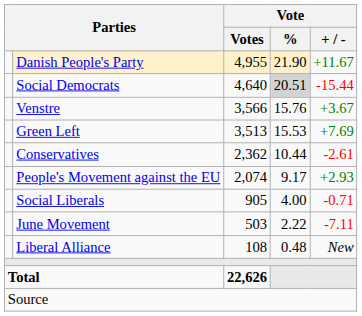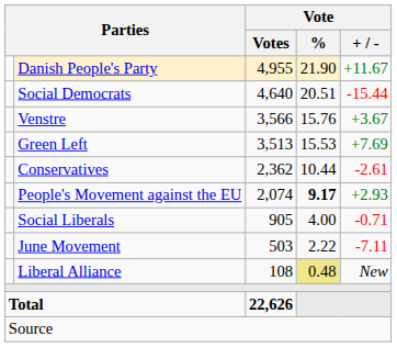 <table class="wikitable" style="text-align:right;">
 <tr>
 <th style="text-align:centre;" rowspan="2" colspan="2" width="225">Parties</th>
 <th colspan="3">Vote</th>
 </tr>
 <tr>
 <th width="15">Votes</th>
 <th width="15">%</th>
 <th width="15">+ / -</th>
 </tr>
 <tr>
 <td width="2" style="color:inherit;background:"></td>
 <td bgcolor=#fef2cc   align="left"><a href='#'>Danish People's Party</a></td>
 <td bgcolor=#fef2cc>4,955</td>
 <td bgcolor=#fef2cc>21.90</td>
 <td style=color:green;>+11.67</td>
 </tr>
 <tr>
 <td width="2" style="color:inherit;background:"></td>
 <td align="left"><a href='#'>Social Democrats</a></td>
 <td>4,640</td>
-<td style="background: lightgrey;">20.51</td>
+<td>20.51</td>
 <td style=color:red;>-15.44</td>
 </tr>
 <tr>
 <td width="2" style="color:inherit;background:"></td>
 <td align="left"><a href='#'>Venstre</a></td>
 <td>3,566</td>
 <td>15.76</td>
 <td style=color:green;>+3.67</td>
 </tr>
 <tr>
 <td width="2" style="color:inherit;background:"></td>
 <td align="left"><a href='#'>Green Left</a></td>
 <td>3,513</td>
 <td>15.53</td>
 <td style=color:green;>+7.69</td>
 </tr>
 <tr>
 <td width="2" style="color:inherit;background:"></td>
 <td align="left"><a href='#'>Conservatives</a></td>
 <td>2,362</td>
 <td>10.44</td>
 <td style=color:red;>-2.61</td>
 </tr>
 <tr>
 <td width="2" style="color:inherit;background:"></td>
 <td align="left"><a href='#'>People's Movement against the EU</a></td>
 <td>2,074</td>
-<td>9.17</td>
+<td><strong>9.17</strong></td>
 <td style=color:green;>+2.93</td>
 </tr>
 <tr>
 <td width="2" style="color:inherit;background:"></td>
 <td align="left"><a href='#'>Social Liberals</a></td>
 <td>905</td>
 <td>4.00</td>
 <td style=color:red;>-0.71</td>
 </tr>
 <tr>
 <td width="2" style="color:inherit;background:"></td>
 <td align="left"><a href='#'>June Movement</a></td>
 <td>503</td>
 <td>2.22</td>
 <td style=color:red;>-7.11</td>
 </tr>
 <tr>
 <td width="2" style="color:inherit;background:"></td>
 <td align="left"><a href='#'>Liberal Alliance</a></td>
 <td>108</td>
-<td>0.48</td>
+<td style="background: khaki;">0.48</td>
 <td><em>New</em></td>
 </tr>
 <tr>
 <td colspan="7" bgcolor="#E9E9E9"></td>
 </tr>
 <tr>
 <td align="left" colspan="2"><strong>Total</strong></td>
 <td><strong>22,626</strong></td>
 <td bgcolor="#E9E9E9" colspan="2"></td>
 </tr>
 <tr>
 <td align="left" colspan="6">Source</td>
 </tr>
 </table>
